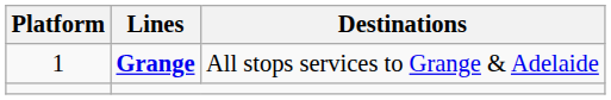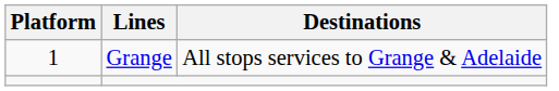 <table class="wikitable" style="float: none; margin: 0.5em; ">
 <tr>
 <th>Platform</th>
 <th>Lines</th>
 <th>Destinations</th>
 </tr>
 <tr>
 <td rowspan="1" style="text-align:center;">1</td>
-<td style="background:#"><strong><a href='#'><span>Grange</span></a></strong></td>
+<td style="background:#"><a href='#'><span>Grange</span></a></td>
 <td>All stops services to <a href='#'>Grange</a> & <a href='#'>Adelaide</a></td>
 </tr>
 <tr>
 <td></td>
 </tr>
 </table>
